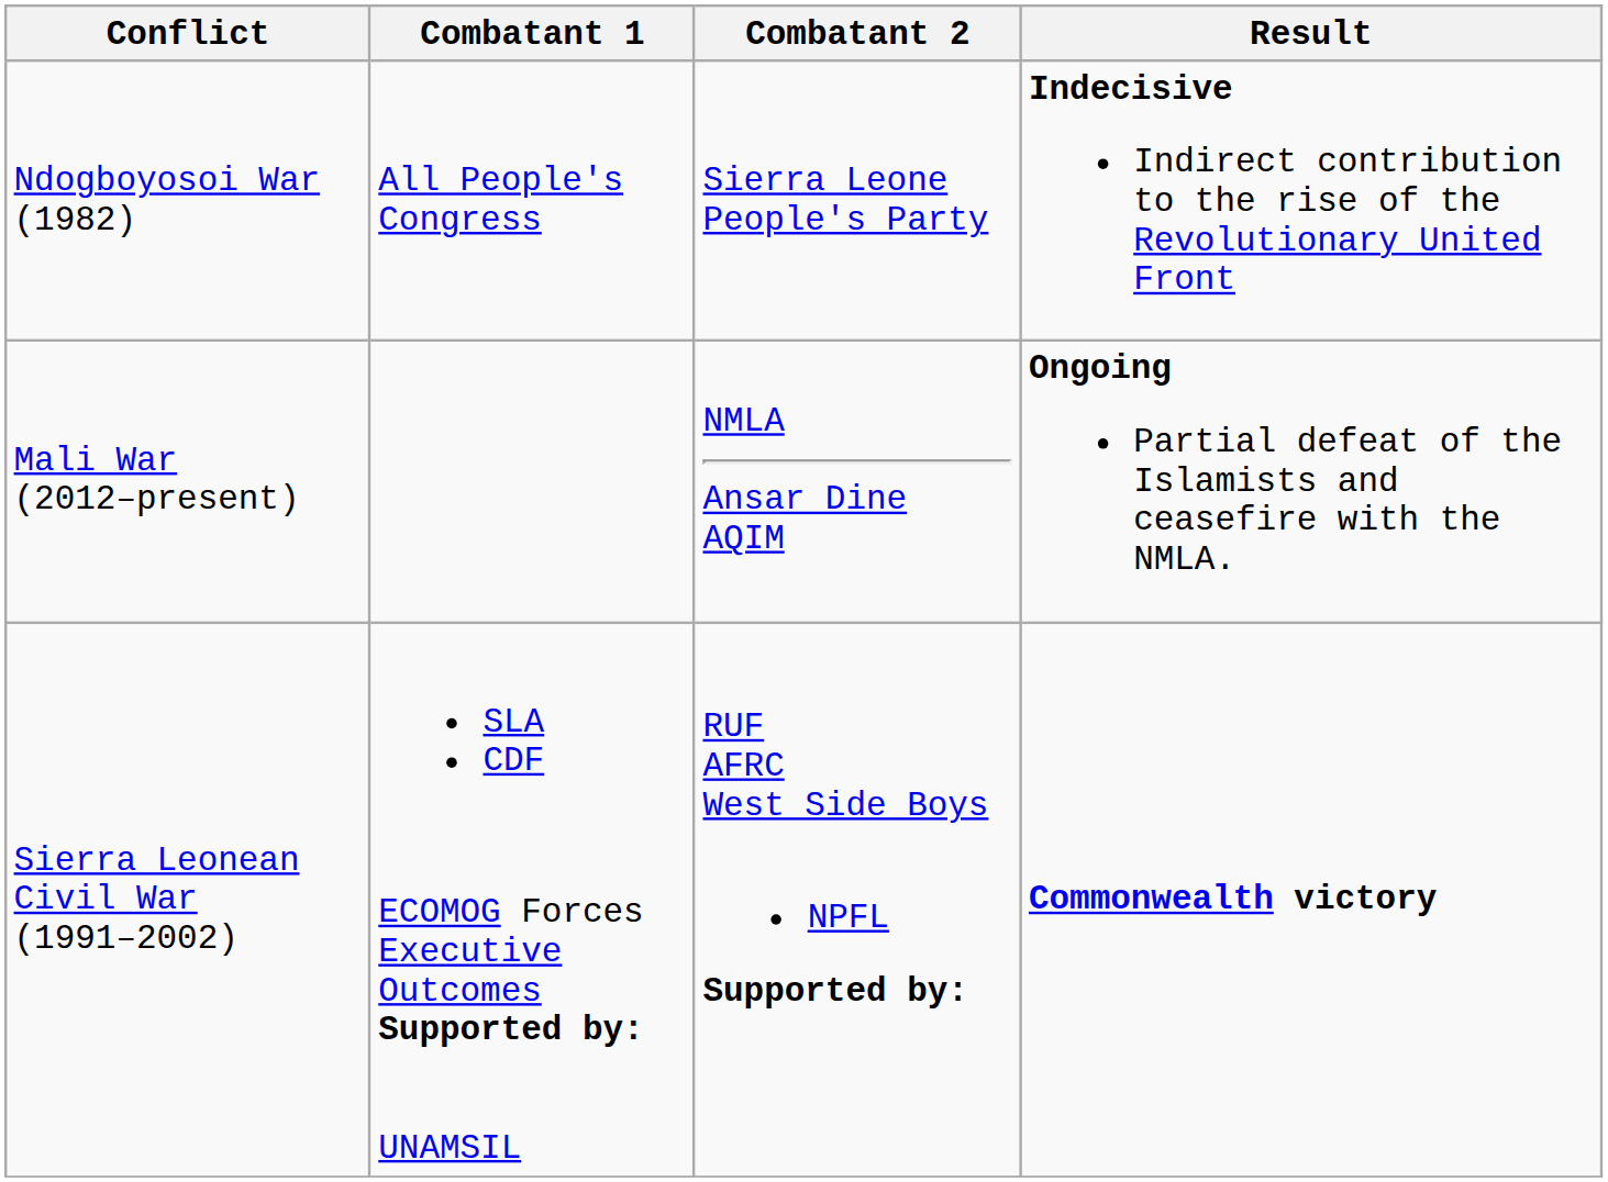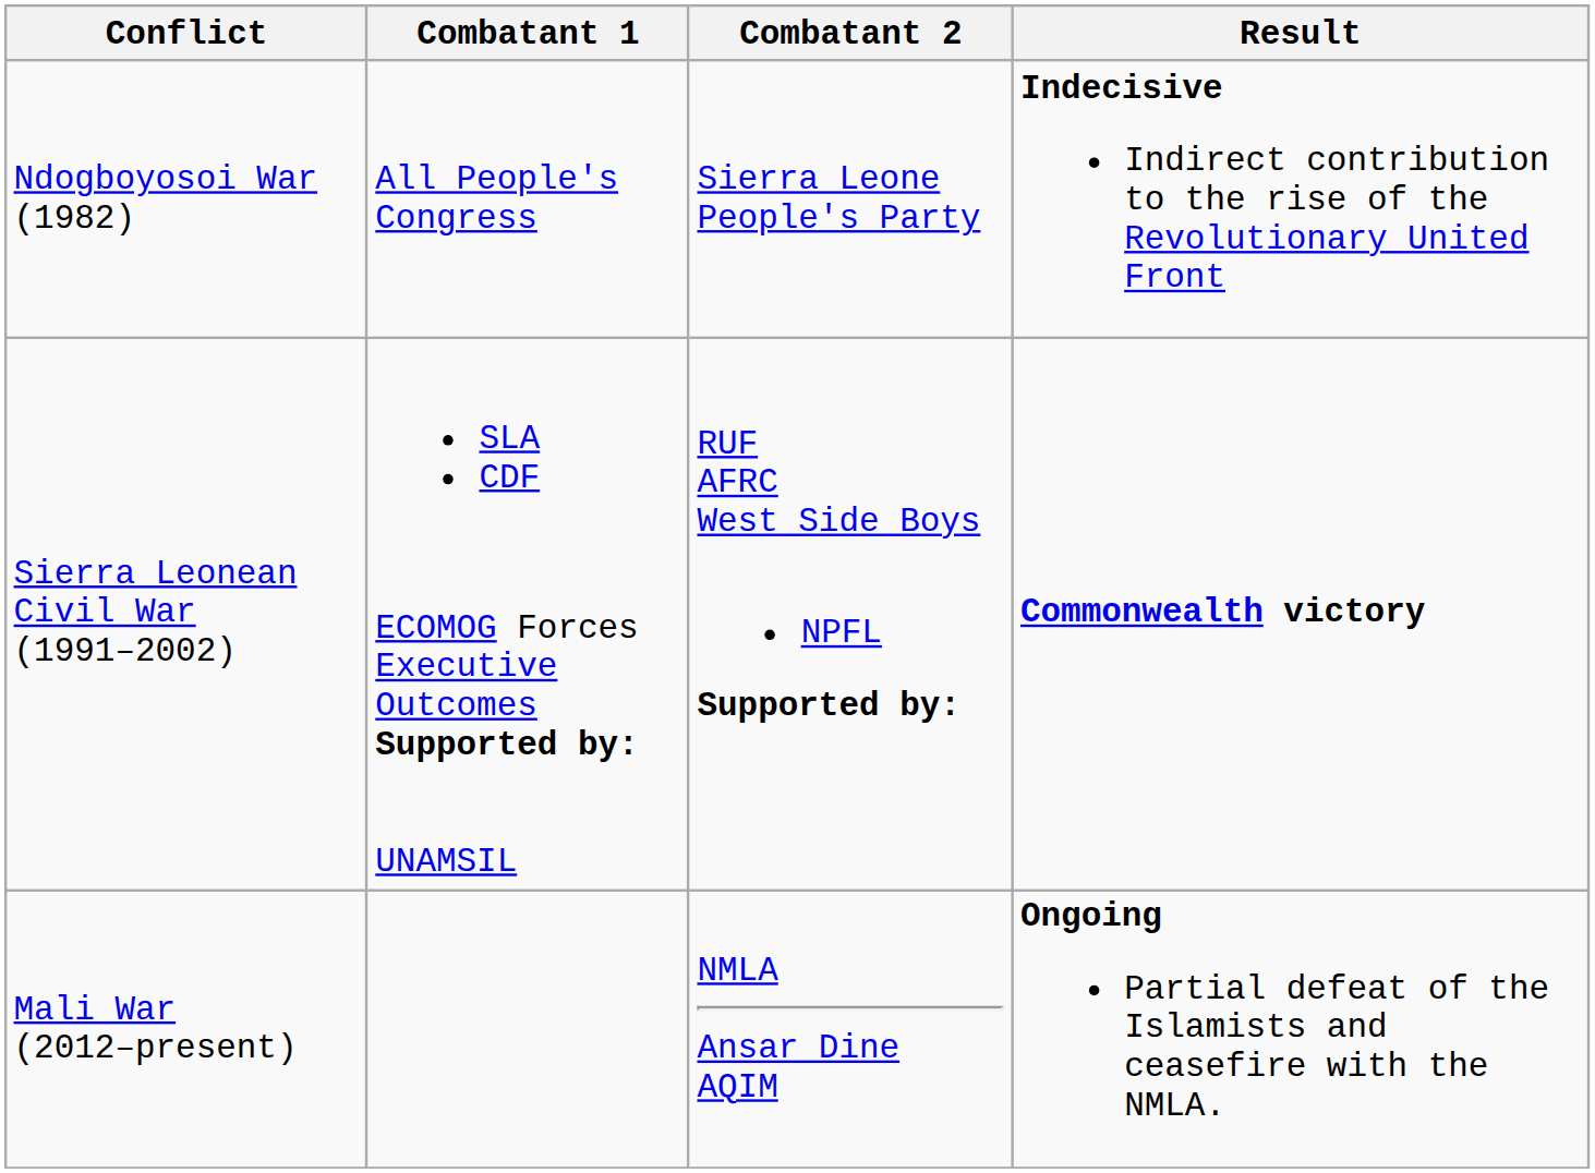 <table class="wikitable">
 <tr>
 <th width="190">Conflict</th>
 <th width="175">Combatant 1</th>
 <th width="175">Combatant 2</th>
 <th width="305">Result</th>
 </tr>
 <tr>
 <td><a href='#'>Ndogboyosoi War</a><br>(1982)</td>
 <td><a href='#'>All People's Congress</a></td>
 <td><a href='#'>Sierra Leone People's Party</a></td>
 <td><strong>Indecisive</strong><br><ul><li>Indirect contribution to the rise of the <a href='#'>Revolutionary United Front</a></li></ul></td>
 </tr>
 <tr>
+<td><a href='#'>Sierra Leonean Civil War</a><br>(1991–2002)</td>
+<td><br><ul><li><a href='#'>SLA</a></li><li><a href='#'>CDF</a></li></ul><br><br><a href='#'>ECOMOG</a> Forces<br><a href='#'>Executive Outcomes</a>  <strong>Supported by:</strong><br> <br><br> <a href='#'>UNAMSIL</a></td>
+<td> <a href='#'>RUF</a><br> <a href='#'>AFRC</a><br><a href='#'>West Side Boys</a><br><br><ul><li><a href='#'>NPFL</a></li></ul><strong>Supported by:</strong><br> <br><br></td>
+<td><strong><a href='#'>Commonwealth</a> victory</strong></td>
+</tr>
+<tr>
 <td><a href='#'>Mali War</a><br>(2012–present)</td>
 <td><br><br><br><br><br></td>
 <td> <a href='#'>NMLA</a><hr> <a href='#'>Ansar Dine</a><br> <a href='#'>AQIM</a></td>
 <td><strong>Ongoing</strong><br><ul><li>Partial defeat of the Islamists and ceasefire with the NMLA.</li></ul></td>
 </tr>
-<tr>
-<td><a href='#'>Sierra Leonean Civil War</a><br>(1991–2002)</td>
-<td><br><ul><li><a href='#'>SLA</a></li><li><a href='#'>CDF</a></li></ul><br><br><a href='#'>ECOMOG</a> Forces<br><a href='#'>Executive Outcomes</a>  <strong>Supported by:</strong><br> <br><br> <a href='#'>UNAMSIL</a></td>
-<td> <a href='#'>RUF</a><br> <a href='#'>AFRC</a><br><a href='#'>West Side Boys</a><br><br><ul><li><a href='#'>NPFL</a></li></ul><strong>Supported by:</strong><br> <br><br></td>
-<td><strong><a href='#'>Commonwealth</a> victory</strong></td>
-</tr>
 </table>
